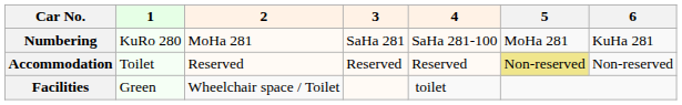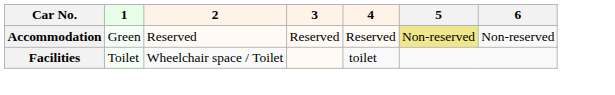 <table class="wikitable">
 <tr>
 <th>Car No.</th>
 <th style="background: #E6FFE6">1</th>
 <th style="background: #FFF2E6">2</th>
 <th style="background: #FFF2E6">3</th>
 <th style="background: #FFF2E6">4</th>
 <th>5</th>
 <th>6</th>
 </tr>
 <tr>
-<th>Numbering</th>
-<td style="background: #F5FFF5">KuRo 280</td>
-<td style="background: #FFFAF5">MoHa 281</td>
-<td style="background: #FFFAF5">SaHa 281</td>
-<td style="background: #FFFAF5">SaHa 281-100</td>
-<td>MoHa 281</td>
-<td>KuHa 281</td>
-</tr>
-<tr>
 <th>Accommodation</th>
-<td style="background: #F5FFF5">Toilet</td>
+<td style="background: #F5FFF5">Green</td>
 <td style="background: #FFFAF5">Reserved</td>
 <td style="background: #FFFAF5">Reserved</td>
 <td style="background: #FFFAF5">Reserved</td>
 <td style="background: khaki;">Non-reserved</td>
 <td>Non-reserved</td>
 </tr>
 <tr>
 <th>Facilities</th>
-<td style="background: #F5FFF5">Green</td>
+<td style="background: #F5FFF5">Toilet</td>
 <td style="background">Wheelchair space / Toilet</td>
 <td style="background: #FFFAF5"></td>
 <td> toilet</td>
 </tr>
 </table>
